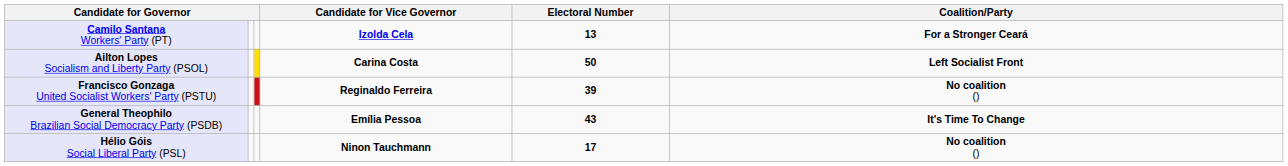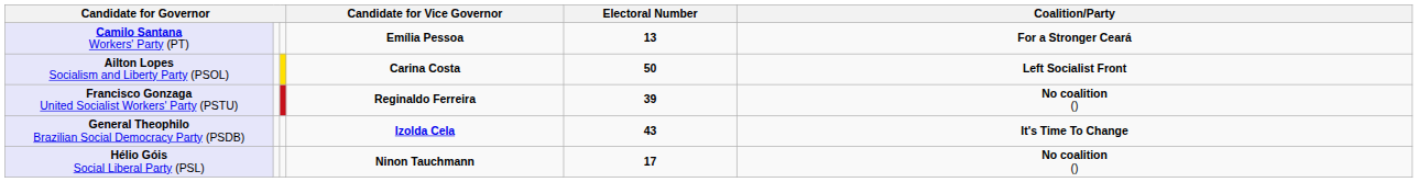 <table class="wikitable" style="text-align:center;">
 <tr>
 <th colspan="3" style="width:20%;">Candidate for Governor</th>
 <th>Candidate for Vice Governor</th>
 <th>Electoral Number</th>
 <th style="width:48%;">Coalition/Party</th>
 </tr>
 <tr>
 <td style="background:lavender;"><strong><a href='#'>Camilo Santana</a></strong><br><a href='#'>Workers' Party</a> (PT)</td>
 <td></td>
 <td style="background-color:"></td>
-<td><strong><a href='#'>Izolda Cela</a></strong><br></td>
+<td><strong>Emília Pessoa</strong><br></td>
 <td><strong>13</strong></td>
 <td><strong>For a Stronger Ceará</strong><br></td>
 </tr>
 <tr>
 <td style="background:lavender;"><strong>Ailton Lopes</strong><br><a href='#'>Socialism and Liberty Party</a> (PSOL)</td>
 <td></td>
 <td style="background-color:#FFE000;"></td>
 <td><strong>Carina Costa</strong><br></td>
 <td><strong>50</strong></td>
 <td><strong>Left Socialist Front</strong><br></td>
 </tr>
 <tr>
 <td style="background:lavender;"><strong>Francisco Gonzaga</strong><br><a href='#'>United Socialist Workers' Party</a> (PSTU)</td>
 <td></td>
 <td style="background-color:#c7101a"></td>
 <td><strong>Reginaldo Ferreira</strong><br></td>
 <td><strong>39</strong></td>
 <td><strong>No coalition</strong><br>()</td>
 </tr>
 <tr>
 <td style="background:lavender;"><strong>General Theophilo</strong><br><a href='#'>Brazilian Social Democracy Party</a> (PSDB)</td>
 <td></td>
 <td style="background-color:"></td>
-<td><strong>Emília Pessoa</strong><br></td>
+<td><strong><a href='#'>Izolda Cela</a></strong><br></td>
 <td><strong>43</strong></td>
 <td><strong>It's Time To Change</strong><br></td>
 </tr>
 <tr>
 <td style="background:lavender;"><strong>Hélio Góis</strong><br><a href='#'>Social Liberal Party</a> (PSL)</td>
 <td></td>
 <td style="background-color:"></td>
 <td><strong>Ninon Tauchmann</strong><br></td>
 <td><strong>17</strong></td>
 <td><strong>No coalition</strong><br>()</td>
 </tr>
 </table>
